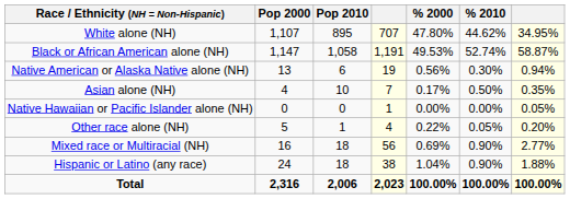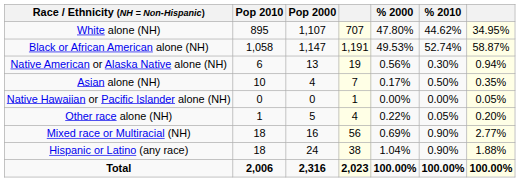 <table class="wikitable" style="text-align:center;">
 <tr>
 <th>Race / Ethnicity <small>(<em>NH = Non-Hispanic</em>)</small></th>
+<th>Pop 2010</th>
 <th>Pop 2000</th>
-<th>Pop 2010</th>
 <th></th>
 <th>% 2000</th>
 <th>% 2010</th>
 <th></th>
 </tr>
 <tr>
 <td><a href='#'>White</a> alone (NH)</td>
+<td>895</td>
 <td>1,107</td>
-<td>895</td>
 <td style='background: #ffffe6;'>707</td>
 <td>47.80%</td>
 <td>44.62%</td>
 <td style='background: #ffffe6;'>34.95%</td>
 </tr>
 <tr>
 <td><a href='#'>Black or African American</a> alone (NH)</td>
+<td>1,058</td>
 <td>1,147</td>
-<td>1,058</td>
 <td style='background: #ffffe6;'>1,191</td>
 <td>49.53%</td>
 <td>52.74%</td>
 <td style='background: #ffffe6;'>58.87%</td>
 </tr>
 <tr>
 <td><a href='#'>Native American</a> or <a href='#'>Alaska Native</a> alone (NH)</td>
+<td>6</td>
 <td>13</td>
-<td>6</td>
 <td style='background: #ffffe6;'>19</td>
 <td>0.56%</td>
 <td>0.30%</td>
 <td style='background: #ffffe6;'>0.94%</td>
 </tr>
 <tr>
 <td><a href='#'>Asian</a> alone (NH)</td>
+<td>10</td>
 <td>4</td>
-<td>10</td>
 <td style='background: #ffffe6;'>7</td>
 <td>0.17%</td>
 <td>0.50%</td>
 <td style='background: #ffffe6;'>0.35%</td>
 </tr>
 <tr>
 <td><a href='#'>Native Hawaiian</a> or <a href='#'>Pacific Islander</a> alone (NH)</td>
 <td>0</td>
 <td>0</td>
 <td style='background: #ffffe6;'>1</td>
 <td>0.00%</td>
 <td>0.00%</td>
 <td style='background: #ffffe6;'>0.05%</td>
 </tr>
 <tr>
 <td><a href='#'>Other race</a> alone (NH)</td>
+<td>1</td>
 <td>5</td>
-<td>1</td>
 <td style='background: #ffffe6;'>4</td>
 <td>0.22%</td>
 <td>0.05%</td>
 <td style='background: #ffffe6;'>0.20%</td>
 </tr>
 <tr>
 <td><a href='#'>Mixed race or Multiracial</a> (NH)</td>
+<td>18</td>
 <td>16</td>
-<td>18</td>
 <td style='background: #ffffe6;'>56</td>
 <td>0.69%</td>
 <td>0.90%</td>
 <td style='background: #ffffe6;'>2.77%</td>
 </tr>
 <tr>
 <td><a href='#'>Hispanic or Latino</a> (any race)</td>
+<td>18</td>
 <td>24</td>
-<td>18</td>
 <td style='background: #ffffe6;'>38</td>
 <td>1.04%</td>
 <td>0.90%</td>
 <td style='background: #ffffe6;'>1.88%</td>
 </tr>
 <tr>
 <td><strong>Total</strong></td>
+<td><strong>2,006</strong></td>
 <td><strong>2,316</strong></td>
-<td><strong>2,006</strong></td>
 <td style='background: #ffffe6;'><strong>2,023 </strong></td>
 <td><strong>100.00%</strong></td>
 <td><strong>100.00%</strong></td>
 <td style='background: #ffffe6;'><strong>100.00%</strong></td>
 </tr>
 </table>
